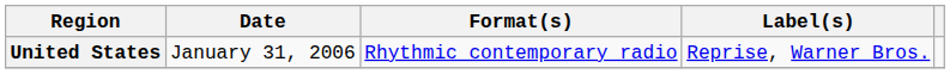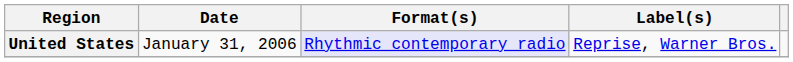 <table class="wikitable plainrowheaders">
 <tr>
 <th scope="col">Region</th>
 <th scope="col">Date</th>
 <th scope="col">Format(s)</th>
 <th scope="col">Label(s)</th>
 <th scope="col"></th>
 </tr>
 <tr>
 <th scope="row">United States</th>
 <td>January 31, 2006</td>
-<td><a href='#'>Rhythmic contemporary radio</a></td>
+<td style="background: lavender;"><a href='#'>Rhythmic contemporary radio</a></td>
 <td><a href='#'>Reprise</a>, <a href='#'>Warner Bros.</a></td>
 <td align="center"></td>
 </tr>
 <tr>
 </tr>
 </table>
